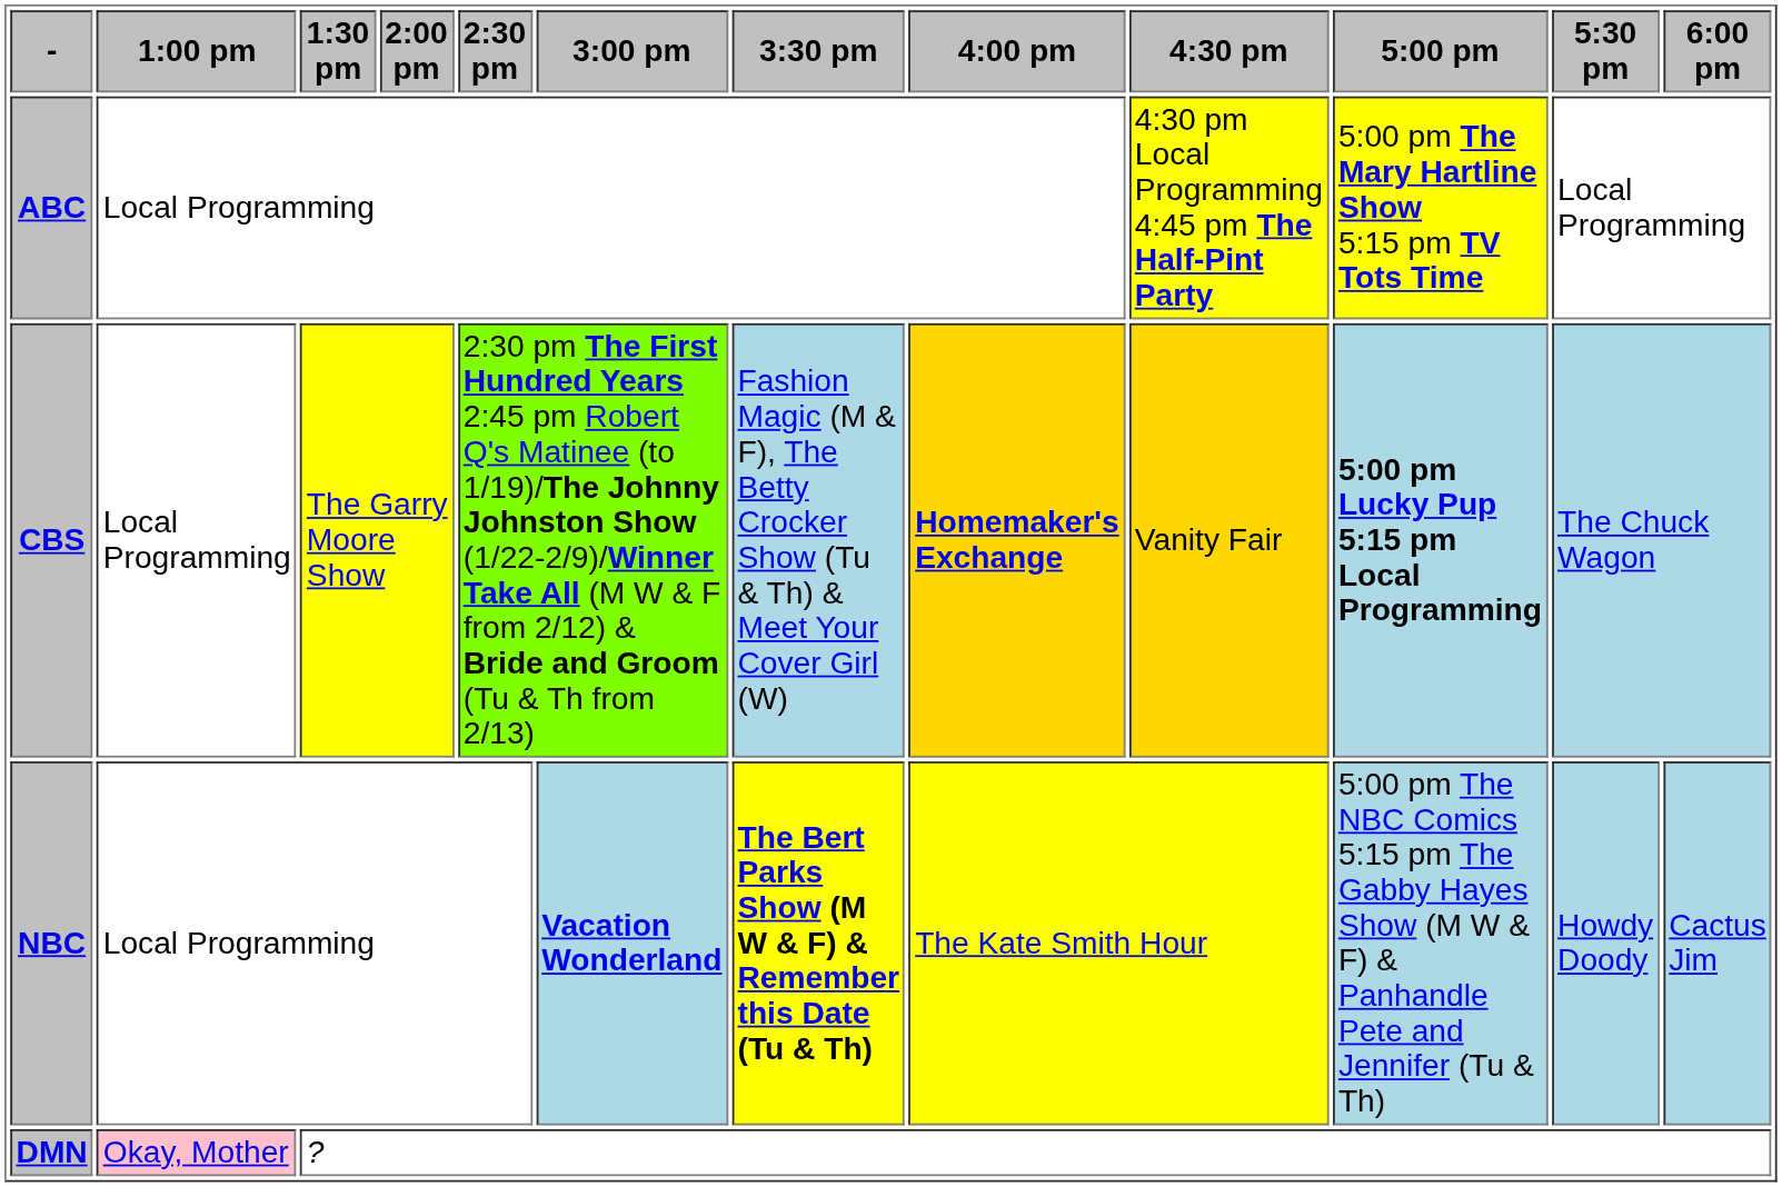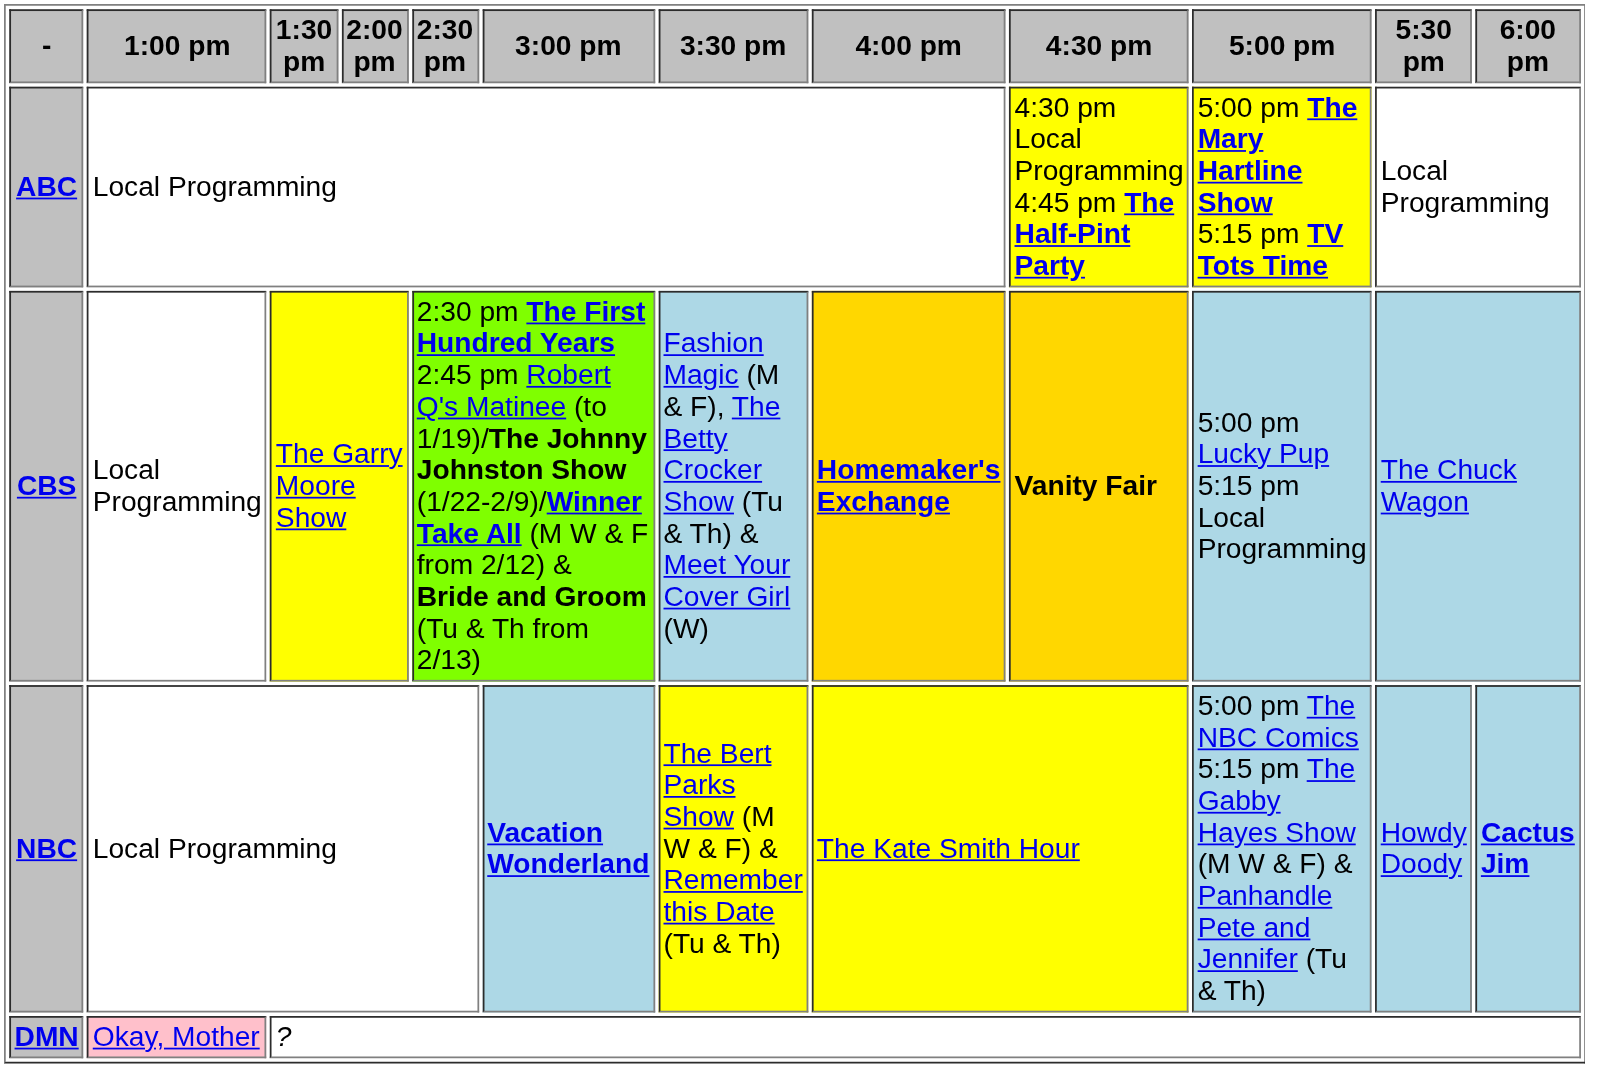 <table border="1" cellpadding="2">
 <tr>
 <th bgcolor="#C0C0C0">-</th>
 <th width="12%" bgcolor="#C0C0C0">1:00 pm</th>
 <th width="13%" bgcolor="#C0C0C0">1:30 pm</th>
 <th width="12%" bgcolor="#C0C0C0">2:00 pm</th>
 <th width="13%" bgcolor="#C0C0C0">2:30 pm</th>
 <th width="12%" bgcolor="#C0C0C0">3:00 pm</th>
 <th width="13%" bgcolor="#C0C0C0">3:30 pm</th>
 <th width="12%" bgcolor="#C0C0C0">4:00 pm</th>
 <th width="13%" bgcolor="#C0C0C0">4:30 pm</th>
 <th width="12%" bgcolor="#C0C0C0">5:00 pm</th>
 <th width="13%" bgcolor="#C0C0C0">5:30 pm</th>
 <th width="12%" bgcolor="#C0C0C0">6:00 pm</th>
 </tr>
 <tr>
 <th bgcolor="#C0C0C0"><a href='#'>ABC</a></th>
 <td bgcolor="white" colspan="7">Local Programming</td>
 <td bgcolor="yellow">4:30 pm Local Programming<br>4:45 pm <strong><a href='#'>The Half-Pint Party</a></strong></td>
 <td bgcolor="yellow">5:00 pm <strong><a href='#'>The Mary Hartline Show</a></strong><br>5:15 pm <strong><a href='#'>TV Tots Time</a></strong></td>
 <td bgcolor="white" colspan="2">Local Programming</td>
 </tr>
 <tr>
 <th bgcolor="#C0C0C0"><a href='#'>CBS</a></th>
 <td bgcolor="white">Local Programming</td>
 <td bgcolor="yellow" colspan="2"><a href='#'>The Garry Moore Show</a></td>
 <td bgcolor="chartreuse" colspan="2">2:30 pm <strong><a href='#'>The First Hundred Years</a></strong><br>2:45 pm <a href='#'>Robert Q's Matinee</a> (to 1/19)/<strong>The Johnny Johnston Show</strong> (1/22-2/9)/<strong><a href='#'>Winner Take All</a></strong> (M W & F from 2/12) & <strong>Bride and Groom</strong> (Tu & Th from 2/13)</td>
 <td bgcolor="lightblue"><a href='#'>Fashion Magic</a> (M & F), <a href='#'>The Betty Crocker Show</a> (Tu & Th) & <a href='#'>Meet Your Cover Girl</a> (W)</td>
 <td bgcolor="gold"><strong><a href='#'>Homemaker's Exchange</a></strong></td>
-<td bgcolor="gold">Vanity Fair</td>
-<td bgcolor="lightblue"><strong>5:00 pm <a href='#'>Lucky Pup</a><br>5:15 pm Local Programming</strong></td>
+<td bgcolor="gold"><strong>Vanity Fair</strong></td>
+<td bgcolor="lightblue">5:00 pm <a href='#'>Lucky Pup</a><br>5:15 pm Local Programming</td>
 <td bgcolor="lightblue" colspan="2"><a href='#'>The Chuck Wagon</a></td>
 </tr>
 <tr>
 <th bgcolor="#C0C0C0"><a href='#'>NBC</a></th>
 <td bgcolor="white" colspan="4">Local Programming</td>
 <td bgcolor="lightblue"><strong><a href='#'>Vacation Wonderland</a></strong></td>
-<td bgcolor="yellow"><strong><a href='#'>The Bert Parks Show</a> (M W & F) & <a href='#'>Remember this Date</a> (Tu & Th)</strong></td>
+<td bgcolor="yellow"><a href='#'>The Bert Parks Show</a> (M W & F) & <a href='#'>Remember this Date</a> (Tu & Th)</td>
 <td bgcolor="yellow" colspan="2"><a href='#'>The Kate Smith Hour</a></td>
 <td bgcolor="lightblue">5:00 pm <a href='#'>The NBC Comics</a><br>5:15 pm <a href='#'>The Gabby Hayes Show</a> (M W & F) & <a href='#'>Panhandle Pete and Jennifer</a> (Tu & Th)</td>
 <td bgcolor="lightblue"><a href='#'>Howdy Doody</a></td>
-<td bgcolor="lightblue"><a href='#'>Cactus Jim</a></td>
+<td bgcolor="lightblue"><strong><a href='#'>Cactus Jim</a></strong></td>
 </tr>
 <tr>
 <th bgcolor="#C0C0C0"><a href='#'>DMN</a></th>
 <td bgcolor="pink"><a href='#'>Okay, Mother</a></td>
 <td bgcolor="white" colspan="10"><em>?</em></td>
 </tr>
 </table>
